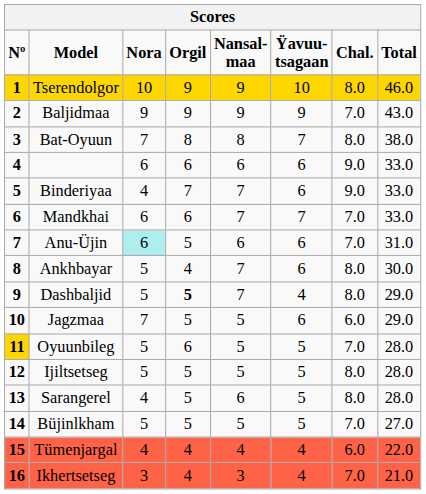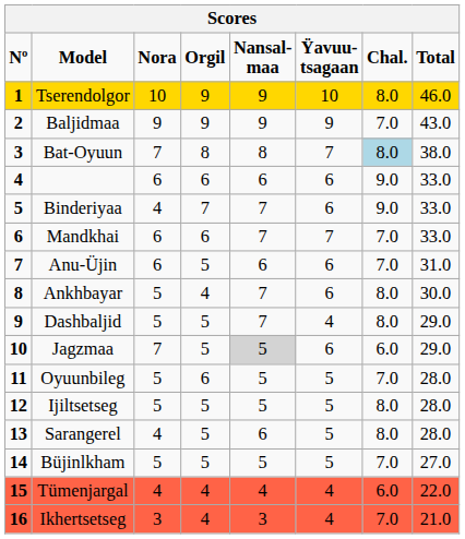 <table class="wikitable collapsible autocollapse" style="text-align:center;">
 <tr>
 <th colspan="8">Scores</th>
 </tr>
 <tr>
 <td><strong>Nº</strong></td>
 <td><strong>Model</strong></td>
 <td><strong>Nora</strong></td>
 <td><strong>Orgil</strong></td>
 <td><strong>Nansal-<br>maa</strong></td>
 <td><strong>Ÿavuu-<br>tsagaan</strong></td>
 <td><strong>Chal.</strong></td>
 <td><strong>Total</strong></td>
 </tr>
 <tr>
 <td style="background:gold"><strong>1</strong></td>
 <td style="background:gold">Tserendolgor</td>
 <td style="background:gold">10</td>
 <td style="background:gold">9</td>
 <td style="background:gold">9</td>
 <td style="background:gold">10</td>
 <td style="background:gold">8.0</td>
 <td style="background:gold">46.0</td>
 </tr>
 <tr>
 <td><strong>2</strong></td>
 <td>Baljidmaa</td>
 <td>9</td>
 <td>9</td>
 <td>9</td>
 <td>9</td>
 <td>7.0</td>
 <td>43.0</td>
 </tr>
 <tr>
 <td><strong>3</strong></td>
 <td>Bat-Oyuun</td>
 <td>7</td>
 <td>8</td>
 <td>8</td>
 <td>7</td>
-<td>8.0</td>
+<td style="background: lightblue;">8.0</td>
 <td>38.0</td>
 </tr>
 <tr>
 <td><strong>4</strong></td>
 <td></td>
 <td>6</td>
 <td>6</td>
 <td>6</td>
 <td>6</td>
 <td>9.0</td>
 <td>33.0</td>
 </tr>
 <tr>
 <td><strong>5</strong></td>
 <td>Binderiyaa</td>
 <td>4</td>
 <td>7</td>
 <td>7</td>
 <td>6</td>
 <td>9.0</td>
 <td>33.0</td>
 </tr>
 <tr>
 <td><strong>6</strong></td>
 <td>Mandkhai</td>
 <td>6</td>
 <td>6</td>
 <td>7</td>
 <td>7</td>
 <td>7.0</td>
 <td>33.0</td>
 </tr>
 <tr>
 <td><strong>7</strong></td>
 <td>Anu-Üjin</td>
-<td style="background: paleturquoise;">6</td>
+<td>6</td>
 <td>5</td>
 <td>6</td>
 <td>6</td>
 <td>7.0</td>
 <td>31.0</td>
 </tr>
 <tr>
 <td><strong>8</strong></td>
 <td>Ankhbayar</td>
 <td>5</td>
 <td>4</td>
 <td>7</td>
 <td>6</td>
 <td>8.0</td>
 <td>30.0</td>
 </tr>
 <tr>
 <td><strong>9</strong></td>
 <td>Dashbaljid</td>
 <td>5</td>
-<td><strong>5</strong></td>
+<td>5</td>
 <td>7</td>
 <td>4</td>
 <td>8.0</td>
 <td>29.0</td>
 </tr>
 <tr>
 <td><strong>10</strong></td>
 <td>Jagzmaa</td>
 <td>7</td>
 <td>5</td>
-<td>5</td>
+<td style="background: lightgrey;">5</td>
 <td>6</td>
 <td>6.0</td>
 <td>29.0</td>
 </tr>
 <tr>
-<td style="background: gold;"><strong>11</strong></td>
+<td><strong>11</strong></td>
 <td>Oyuunbileg</td>
 <td>5</td>
 <td>6</td>
 <td>5</td>
 <td>5</td>
 <td>7.0</td>
 <td>28.0</td>
 </tr>
 <tr>
 <td><strong>12</strong></td>
 <td>Ijiltsetseg</td>
 <td>5</td>
 <td>5</td>
 <td>5</td>
 <td>5</td>
 <td>8.0</td>
 <td>28.0</td>
 </tr>
 <tr>
 <td><strong>13</strong></td>
 <td>Sarangerel</td>
 <td>4</td>
 <td>5</td>
 <td>6</td>
 <td>5</td>
 <td>8.0</td>
 <td>28.0</td>
 </tr>
 <tr>
 <td><strong>14</strong></td>
 <td>Büjinlkham</td>
 <td>5</td>
 <td>5</td>
 <td>5</td>
 <td>5</td>
 <td>7.0</td>
 <td>27.0</td>
 </tr>
 <tr>
 <td style="background:tomato"><strong>15</strong></td>
 <td style="background:tomato">Tümenjargal</td>
 <td style="background:tomato">4</td>
 <td style="background:tomato">4</td>
 <td style="background:tomato">4</td>
 <td style="background:tomato">4</td>
 <td style="background:tomato">6.0</td>
 <td style="background:tomato">22.0</td>
 </tr>
 <tr>
 <td style="background:tomato"><strong>16</strong></td>
 <td style="background:tomato">Ikhertsetseg</td>
 <td style="background:tomato">3</td>
 <td style="background:tomato">4</td>
 <td style="background:tomato">3</td>
 <td style="background:tomato">4</td>
 <td style="background:tomato">7.0</td>
 <td style="background:tomato">21.0</td>
 </tr>
 </table>
